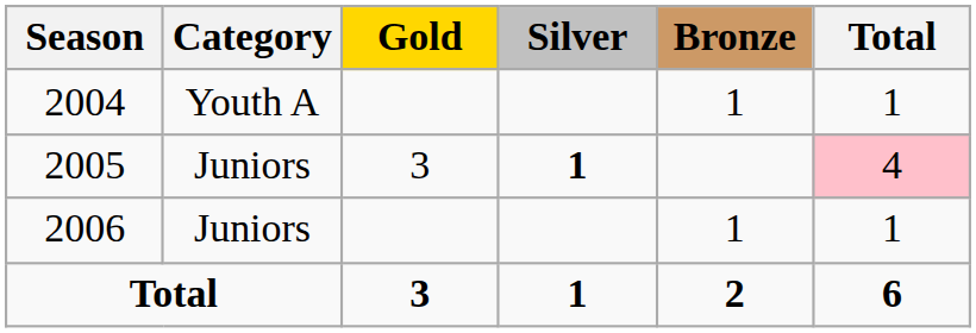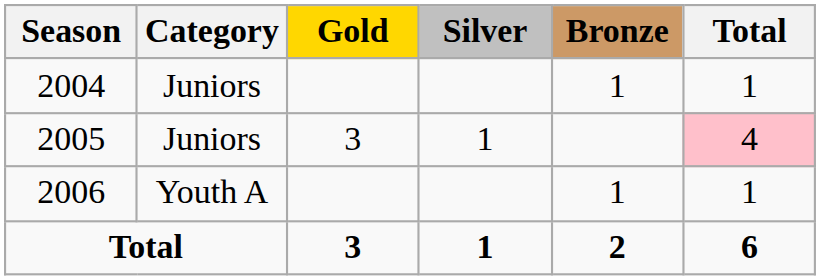 <table class="wikitable" style="text-align:center;">
 <tr>
 <th width = "55">Season</th>
 <th width = "55">Category</th>
 <th width = "55" style="background: gold;">Gold</th>
 <th width = "55" style="background: silver;">Silver</th>
 <th width = "55" style="background: #cc9966;">Bronze</th>
 <th width = "55">Total</th>
 </tr>
 <tr>
 <td>2004</td>
-<td>Youth A</td>
+<td>Juniors</td>
 <td></td>
 <td></td>
 <td>1</td>
 <td>1</td>
 </tr>
 <tr>
 <td>2005</td>
 <td>Juniors</td>
 <td>3</td>
-<td><strong>1</strong></td>
+<td>1</td>
 <td></td>
 <td style="background: pink;">4</td>
 </tr>
 <tr>
 <td>2006</td>
-<td>Juniors</td>
+<td>Youth A</td>
 <td></td>
 <td></td>
 <td>1</td>
 <td>1</td>
 </tr>
 <tr>
 <td colspan=2><strong>Total</strong></td>
 <td><strong>3</strong></td>
 <td><strong>1</strong></td>
 <td><strong>2</strong></td>
 <td><strong>6</strong></td>
 </tr>
 </table>
